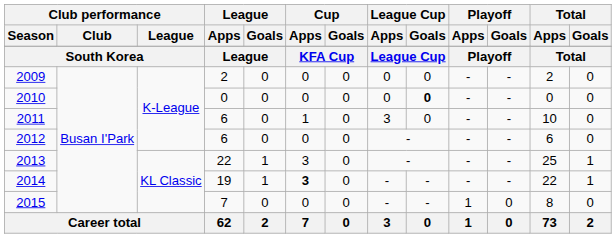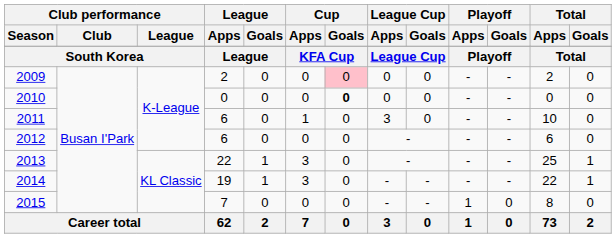 <table class="wikitable" style="text-align:center">
 <tr>
 <th colspan=3>Club performance</th>
 <th colspan=2>League</th>
 <th colspan=2>Cup</th>
 <th colspan=2>League Cup</th>
 <th colspan=2>Playoff</th>
 <th colspan=2>Total</th>
 </tr>
 <tr>
 <th>Season</th>
 <th>Club</th>
 <th>League</th>
 <th>Apps</th>
 <th>Goals</th>
 <th>Apps</th>
 <th>Goals</th>
 <th>Apps</th>
 <th>Goals</th>
 <th>Apps</th>
 <th>Goals</th>
 <th>Apps</th>
 <th>Goals</th>
 </tr>
 <tr>
 </tr>
 <tr>
 <th colspan=3>South Korea</th>
 <th colspan=2>League</th>
 <th colspan=2><a href='#'>KFA Cup</a></th>
 <th colspan=2><a href='#'>League Cup</a></th>
 <th colspan=2>Playoff</th>
 <th colspan=2>Total</th>
 </tr>
 <tr>
 <td><a href='#'>2009</a></td>
 <td rowspan="7"><a href='#'>Busan I'Park</a></td>
 <td rowspan="4"><a href='#'>K-League</a></td>
 <td>2</td>
 <td>0</td>
 <td>0</td>
-<td>0</td>
+<td style="background: pink;">0</td>
 <td>0</td>
 <td>0</td>
 <td>-</td>
 <td>-</td>
 <td>2</td>
 <td>0</td>
 </tr>
 <tr>
 <td><a href='#'>2010</a></td>
 <td>0</td>
 <td>0</td>
 <td>0</td>
+<td><strong>0</strong></td>
 <td>0</td>
 <td>0</td>
-<td><strong>0</strong></td>
 <td>-</td>
 <td>-</td>
 <td>0</td>
 <td>0</td>
 </tr>
 <tr>
 <td><a href='#'>2011</a></td>
 <td>6</td>
 <td>0</td>
 <td>1</td>
 <td>0</td>
 <td>3</td>
 <td>0</td>
 <td>-</td>
 <td>-</td>
 <td>10</td>
 <td>0</td>
 </tr>
 <tr>
 <td><a href='#'>2012</a></td>
 <td>6</td>
 <td>0</td>
 <td>0</td>
 <td>0</td>
 <td colspan="2">-</td>
 <td>-</td>
 <td>-</td>
 <td>6</td>
 <td>0</td>
 </tr>
 <tr>
 <td><a href='#'>2013</a></td>
 <td rowspan="3"><a href='#'>KL Classic</a></td>
 <td>22</td>
 <td>1</td>
 <td>3</td>
 <td>0</td>
 <td colspan="2">-</td>
 <td>-</td>
 <td>-</td>
 <td>25</td>
 <td>1</td>
 </tr>
 <tr>
 <td><a href='#'>2014</a></td>
 <td>19</td>
 <td>1</td>
-<td><strong>3</strong></td>
+<td>3</td>
 <td>0</td>
 <td>-</td>
 <td>-</td>
 <td>-</td>
 <td>-</td>
 <td>22</td>
 <td>1</td>
 </tr>
 <tr>
 <td><a href='#'>2015</a></td>
 <td>7</td>
 <td>0</td>
 <td>0</td>
 <td>0</td>
 <td>-</td>
 <td>-</td>
 <td>1</td>
 <td>0</td>
 <td>8</td>
 <td>0</td>
 </tr>
 <tr>
 <th colspan=3>Career total</th>
 <th>62</th>
 <th>2</th>
 <th>7</th>
 <th>0</th>
 <th>3</th>
 <th>0</th>
 <th>1</th>
 <th>0</th>
 <th>73</th>
 <th>2</th>
 </tr>
 </table>
